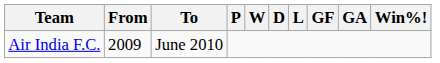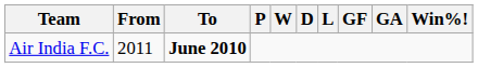 <table class="wikitable sortable" style="text-align: center">
 <tr>
 <th>Team</th>
 <th>From</th>
 <th class="unsortable">To</th>
 <th>P</th>
 <th>W</th>
 <th>D</th>
 <th>L</th>
 <th>GF</th>
 <th>GA</th>
 <th>Win%!</th>
 </tr>
 <tr>
 <td><a href='#'>Air India F.C.</a></td>
-<td align=left>2009</td>
-<td align=left>June 2010<br></td>
+<td align=left>2011</td>
+<td align=left><strong>June 2010<br></strong></td>
 </tr>
 </table>
